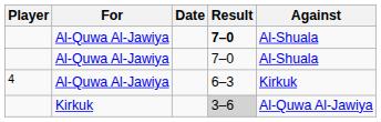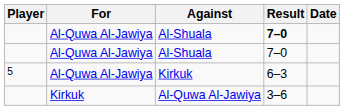 <table class="wikitable sortable">
 <tr>
 <th>Player</th>
 <th>For</th>
+<th>Against</th>
+<th align=center>Result</th>
 <th>Date</th>
-<th align=center>Result</th>
-<th>Against</th>
 </tr>
 <tr>
 <td> </td>
 <td><a href='#'>Al-Quwa Al-Jawiya</a></td>
+<td><a href='#'>Al-Shuala</a></td>
+<td><strong>7–0</strong></td>
 <td></td>
-<td><strong>7–0</strong></td>
-<td><a href='#'>Al-Shuala</a></td>
 </tr>
 <tr>
 <td> </td>
 <td><a href='#'>Al-Quwa Al-Jawiya</a></td>
+<td><a href='#'>Al-Shuala</a></td>
+<td>7–0</td>
 <td></td>
-<td>7–0</td>
-<td><a href='#'>Al-Shuala</a></td>
 </tr>
 <tr>
-<td> <sup>4</sup></td>
+<td> <sup>5</sup></td>
 <td><a href='#'>Al-Quwa Al-Jawiya</a></td>
+<td><a href='#'>Kirkuk</a></td>
+<td>6–3</td>
 <td></td>
-<td>6–3</td>
-<td><a href='#'>Kirkuk</a></td>
 </tr>
 <tr>
 <td> </td>
 <td><a href='#'>Kirkuk</a></td>
+<td><a href='#'>Al-Quwa Al-Jawiya</a></td>
+<td>3–6</td>
 <td></td>
-<td style="background: lightgrey;">3–6</td>
-<td><a href='#'>Al-Quwa Al-Jawiya</a></td>
 </tr>
 </table>
